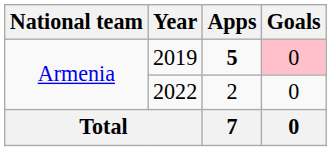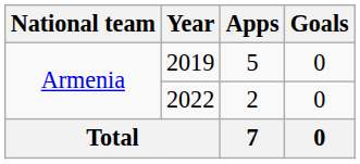 <table class="wikitable" style="text-align:center">
 <tr>
 <th>National team</th>
 <th>Year</th>
 <th>Apps</th>
 <th>Goals</th>
 </tr>
 <tr>
 <td rowspan="2"><a href='#'>Armenia</a></td>
 <td>2019</td>
-<td><strong>5</strong></td>
-<td style="background: pink;">0</td>
+<td>5</td>
+<td>0</td>
 </tr>
 <tr>
 <td>2022</td>
 <td>2</td>
 <td>0</td>
 </tr>
 <tr>
 <th colspan="2">Total</th>
 <th>7</th>
 <th>0</th>
 </tr>
 </table>
